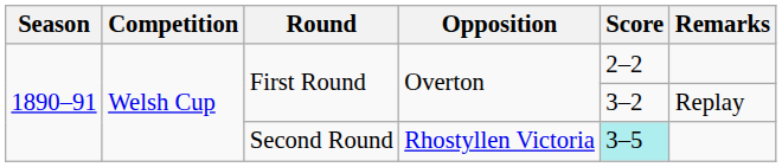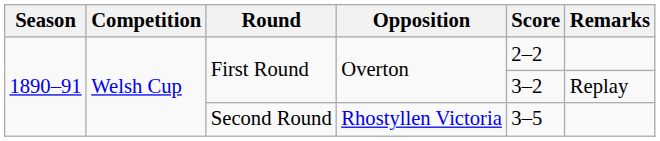 <table class="wikitable">
 <tr>
 <th>Season</th>
 <th>Competition</th>
 <th>Round</th>
 <th>Opposition</th>
 <th>Score</th>
 <th>Remarks</th>
 </tr>
 <tr>
 <td rowspan="3"><a href='#'>1890–91</a></td>
 <td rowspan="3"><a href='#'>Welsh Cup</a></td>
 <td rowspan="2">First Round</td>
 <td rowspan="2">Overton</td>
 <td>2–2</td>
 <td></td>
 </tr>
 <tr>
 <td>3–2</td>
 <td>Replay</td>
 </tr>
 <tr>
 <td>Second Round</td>
 <td><a href='#'>Rhostyllen Victoria</a></td>
-<td style="background: paleturquoise;">3–5</td>
+<td>3–5</td>
 <td></td>
 </tr>
 </table>
